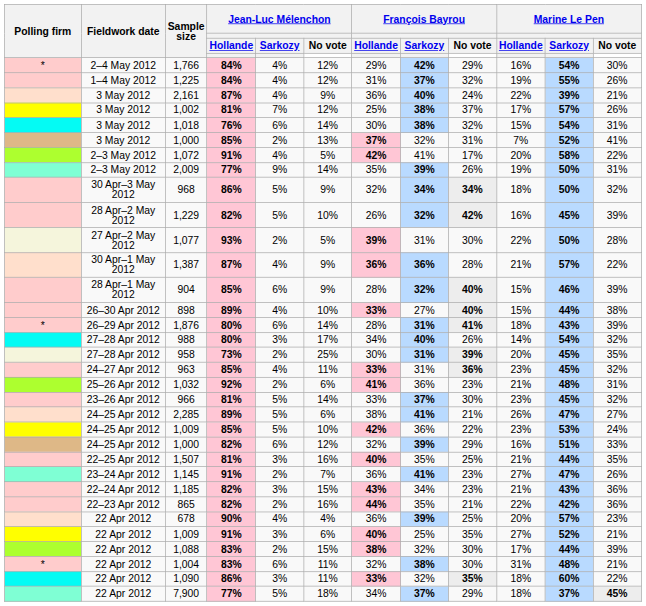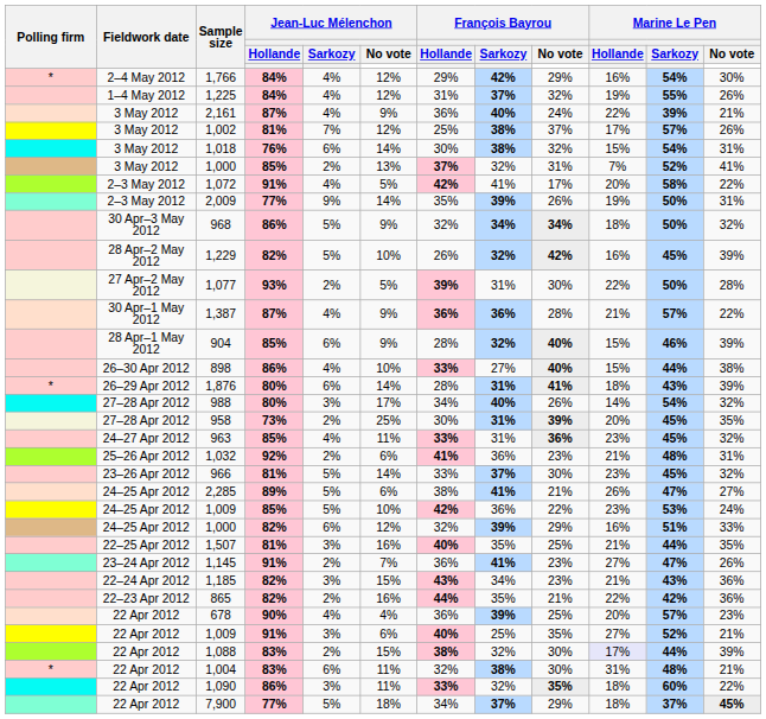 <table class="wikitable sortable" style="text-align:center;font-size:90%;line-height:14px;">
 <tr style="height:40px;">
 <th style="width:100px;" rowspan="4">Polling firm</th>
 <th style="width:110px;" rowspan="4">Fieldwork date</th>
 <th style="width:35px;" rowspan="4">Sample<br>size</th>
 <th colspan="3" style="width:180px;"><a href='#'>Jean-Luc Mélenchon</a><br></th>
 <th colspan="3" style="width:180px;"><a href='#'>François Bayrou</a><br></th>
 <th colspan="3" style="width:180px;"><a href='#'>Marine Le Pen</a><br></th>
 </tr>
 <tr>
 <th colspan="3" style="background:"></th>
 <th colspan="3" style="background:"></th>
 <th colspan="3" style="background:"></th>
 </tr>
 <tr>
 <th style="width:60px;"><a href='#'>Hollande</a></th>
 <th style="width:60px;"><a href='#'>Sarkozy</a></th>
 <th style="width:60px;">No vote</th>
 <th style="width:60px;"><a href='#'>Hollande</a></th>
 <th style="width:60px;"><a href='#'>Sarkozy</a></th>
 <th style="width:60px;">No vote</th>
 <th style="width:60px;"><a href='#'>Hollande</a></th>
 <th style="width:60px;"><a href='#'>Sarkozy</a></th>
 <th style="width:60px;">No vote</th>
 </tr>
 <tr>
 <th style="background:"></th>
 <th style="background:"></th>
 <th style="background:#FFFFFF;"></th>
 <th style="background:"></th>
 <th style="background:"></th>
 <th style="background:#FFFFFF;"></th>
 <th style="background:"></th>
 <th style="background:"></th>
 <th style="background:#FFFFFF;"></th>
 </tr>
 <tr>
 <td style="background:#FFCCCC;"> *</td>
 <td data-sort-value="2012-05-04">2–4 May 2012</td>
 <td>1,766</td>
 <td style="background:#FFC6D5;"><strong>84%</strong></td>
 <td>4%</td>
 <td>12%</td>
 <td>29%</td>
 <td style="background:#B9DAFF;"><strong>42%</strong></td>
 <td>29%</td>
 <td>16%</td>
 <td style="background:#B9DAFF;"><strong>54%</strong></td>
 <td>30%</td>
 </tr>
 <tr>
 <td style="background:#FFCCCC;"></td>
 <td data-sort-value="2012-05-04">1–4 May 2012</td>
 <td>1,225</td>
 <td style="background:#FFC6D5;"><strong>84%</strong></td>
 <td>4%</td>
 <td>12%</td>
 <td>31%</td>
 <td style="background:#B9DAFF;"><strong>37%</strong></td>
 <td>32%</td>
 <td>19%</td>
 <td style="background:#B9DAFF;"><strong>55%</strong></td>
 <td>26%</td>
 </tr>
 <tr>
 <td style="background:#FFDFCC;"> </td>
 <td data-sort-value="2012-05-03">3 May 2012</td>
 <td>2,161</td>
 <td style="background:#FFC6D5;"><strong>87%</strong></td>
 <td>4%</td>
 <td>9%</td>
 <td>36%</td>
 <td style="background:#B9DAFF;"><strong>40%</strong></td>
 <td>24%</td>
 <td>22%</td>
 <td style="background:#B9DAFF;"><strong>39%</strong></td>
 <td>21%</td>
 </tr>
 <tr>
 <td style="background:yellow;"></td>
 <td data-sort-value="2012-05-03">3 May 2012</td>
 <td>1,002</td>
 <td style="background:#FFC6D5;"><strong>81%</strong></td>
 <td>7%</td>
 <td>12%</td>
 <td>25%</td>
 <td style="background:#B9DAFF;"><strong>38%</strong></td>
 <td>37%</td>
 <td>17%</td>
 <td style="background:#B9DAFF;"><strong>57%</strong></td>
 <td>26%</td>
 </tr>
 <tr>
 <td style="background:#04FBF4;"></td>
 <td data-sort-value="2012-05-03">3 May 2012</td>
 <td>1,018</td>
 <td style="background:#FFC6D5;"><strong>76%</strong></td>
 <td>6%</td>
 <td>14%</td>
 <td>30%</td>
 <td style="background:#B9DAFF;"><strong>38%</strong></td>
 <td>32%</td>
 <td>15%</td>
 <td style="background:#B9DAFF;"><strong>54%</strong></td>
 <td>31%</td>
 </tr>
 <tr>
 <td style="background:burlywood;"> </td>
 <td data-sort-value="2012-05-03">3 May 2012</td>
 <td>1,000</td>
 <td style="background:#FFC6D5;"><strong>85%</strong></td>
 <td>2%</td>
 <td>13%</td>
 <td style="background:#FFC6D5;"><strong>37%</strong></td>
 <td>32%</td>
 <td>31%</td>
 <td>7%</td>
 <td style="background:#B9DAFF;"><strong>52%</strong></td>
 <td>41%</td>
 </tr>
 <tr>
 <td style="background:GreenYellow;"></td>
 <td data-sort-value="2012-05-03">2–3 May 2012</td>
 <td>1,072</td>
 <td style="background:#FFC6D5;"><strong>91%</strong></td>
 <td>4%</td>
 <td>5%</td>
 <td style="background:#FFC6D5;"><strong>42%</strong></td>
 <td>41%</td>
 <td>17%</td>
 <td>20%</td>
 <td style="background:#B9DAFF;"><strong>58%</strong></td>
 <td>22%</td>
 </tr>
 <tr>
 <td style="background:aquamarine;"></td>
 <td data-sort-value="2012-05-03">2–3 May 2012</td>
 <td>2,009</td>
 <td style="background:#FFC6D5;"><strong>77%</strong></td>
 <td>9%</td>
 <td>14%</td>
 <td>35%</td>
 <td style="background:#B9DAFF;"><strong>39%</strong></td>
 <td>26%</td>
 <td>19%</td>
 <td style="background:#B9DAFF;"><strong>50%</strong></td>
 <td>31%</td>
 </tr>
 <tr>
 <td style="background:#FFCCCC;"></td>
 <td data-sort-value="2012-05-03">30 Apr–3 May 2012</td>
 <td>968</td>
 <td style="background:#FFC6D5;"><strong>86%</strong></td>
 <td>5%</td>
 <td>9%</td>
 <td>32%</td>
 <td style="background:#B9DAFF;"><strong>34%</strong></td>
 <td style="background:#EDEDED;"><strong>34%</strong></td>
 <td>18%</td>
 <td style="background:#B9DAFF;"><strong>50%</strong></td>
 <td>32%</td>
 </tr>
 <tr>
 <td style="background:#FFCCCC;"></td>
 <td data-sort-value="2012-05-02">28 Apr–2 May 2012</td>
 <td>1,229</td>
 <td style="background:#FFC6D5;"><strong>82%</strong></td>
 <td>5%</td>
 <td>10%</td>
 <td>26%</td>
 <td style="background:#B9DAFF;"><strong>32%</strong></td>
 <td style="background:#EDEDED;"><strong>42%</strong></td>
 <td>16%</td>
 <td style="background:#B9DAFF;"><strong>45%</strong></td>
 <td>39%</td>
 </tr>
 <tr>
 <td style="background:beige;"></td>
 <td data-sort-value="2012-05-02">27 Apr–2 May 2012</td>
 <td>1,077</td>
 <td style="background:#FFC6D5;"><strong>93%</strong></td>
 <td>2%</td>
 <td>5%</td>
 <td style="background:#FFC6D5;"><strong>39%</strong></td>
 <td>31%</td>
 <td>30%</td>
 <td>22%</td>
 <td style="background:#B9DAFF;"><strong>50%</strong></td>
 <td>28%</td>
 </tr>
 <tr>
 <td style="background:#FFDFCC;"> </td>
 <td data-sort-value="2012-05-01">30 Apr–1 May 2012</td>
 <td>1,387</td>
 <td style="background:#FFC6D5;"><strong>87%</strong></td>
 <td>4%</td>
 <td>9%</td>
 <td style="background:#FFC6D5;"><strong>36%</strong></td>
 <td style="background:#B9DAFF;"><strong>36%</strong></td>
 <td>28%</td>
 <td>21%</td>
 <td style="background:#B9DAFF;"><strong>57%</strong></td>
 <td>22%</td>
 </tr>
 <tr>
 <td style="background:#FFCCCC;"></td>
 <td data-sort-value="2012-05-01">28 Apr–1 May 2012</td>
 <td>904</td>
 <td style="background:#FFC6D5;"><strong>85%</strong></td>
 <td>6%</td>
 <td>9%</td>
 <td>28%</td>
 <td style="background:#B9DAFF;"><strong>32%</strong></td>
 <td style="background:#EDEDED;"><strong>40%</strong></td>
 <td>15%</td>
 <td style="background:#B9DAFF;"><strong>46%</strong></td>
 <td>39%</td>
 </tr>
 <tr>
 <td style="background:#FFCCCC;"></td>
 <td data-sort-value="2012-04-30">26–30 Apr 2012</td>
 <td>898</td>
-<td style="background:#FFC6D5;"><strong>89%</strong></td>
+<td style="background:#FFC6D5;"><strong>86%</strong></td>
 <td>4%</td>
 <td>10%</td>
 <td style="background:#FFC6D5;"><strong>33%</strong></td>
 <td>27%</td>
 <td style="background:#EDEDED;"><strong>40%</strong></td>
 <td>15%</td>
 <td style="background:#B9DAFF;"><strong>44%</strong></td>
 <td>38%</td>
 </tr>
 <tr>
 <td style="background:#FFCCCC;">*</td>
 <td data-sort-value="2012-04-29">26–29 Apr 2012</td>
 <td>1,876</td>
 <td style="background:#FFC6D5;"><strong>80%</strong></td>
 <td>6%</td>
 <td>14%</td>
 <td>28%</td>
 <td style="background:#B9DAFF;"><strong>31%</strong></td>
 <td style="background:#EDEDED;"><strong>41%</strong></td>
 <td>18%</td>
 <td style="background:#B9DAFF;"><strong>43%</strong></td>
 <td>39%</td>
 </tr>
 <tr>
 <td style="background:#04FBF4;"></td>
 <td data-sort-value="2012-04-28">27–28 Apr 2012</td>
 <td>988</td>
 <td style="background:#FFC6D5;"><strong>80%</strong></td>
 <td>3%</td>
 <td>17%</td>
 <td>34%</td>
 <td style="background:#B9DAFF;"><strong>40%</strong></td>
 <td>26%</td>
 <td>14%</td>
 <td style="background:#B9DAFF;"><strong>54%</strong></td>
 <td>32%</td>
 </tr>
 <tr>
 <td style="background:beige;"></td>
 <td data-sort-value="2012-04-28">27–28 Apr 2012</td>
 <td>958</td>
 <td style="background:#FFC6D5;"><strong>73%</strong></td>
 <td>2%</td>
 <td>25%</td>
 <td>30%</td>
 <td style="background:#B9DAFF;"><strong>31%</strong></td>
 <td style="background:#EDEDED;"><strong>39%</strong></td>
 <td>20%</td>
 <td style="background:#B9DAFF;"><strong>45%</strong></td>
 <td>35%</td>
 </tr>
 <tr>
 <td style="background:#FFCCCC;"></td>
 <td data-sort-value="2012-04-27">24–27 Apr 2012</td>
 <td>963</td>
 <td style="background:#FFC6D5;"><strong>85%</strong></td>
 <td>4%</td>
 <td>11%</td>
 <td style="background:#FFC6D5;"><strong>33%</strong></td>
 <td>31%</td>
 <td style="background:#EDEDED;"><strong>36%</strong></td>
 <td>23%</td>
 <td style="background:#B9DAFF;"><strong>45%</strong></td>
 <td>32%</td>
 </tr>
 <tr>
 <td style="background:GreenYellow;"></td>
 <td data-sort-value="2012-04-26">25–26 Apr 2012</td>
 <td>1,032</td>
 <td style="background:#FFC6D5;"><strong>92%</strong></td>
 <td>2%</td>
 <td>6%</td>
 <td style="background:#FFC6D5;"><strong>41%</strong></td>
 <td>36%</td>
 <td>23%</td>
 <td>21%</td>
 <td style="background:#B9DAFF;"><strong>48%</strong></td>
 <td>31%</td>
 </tr>
 <tr>
 <td style="background:#FFCCCC;"></td>
 <td data-sort-value="2012-04-26">23–26 Apr 2012</td>
 <td>966</td>
 <td style="background:#FFC6D5;"><strong>81%</strong></td>
 <td>5%</td>
 <td>14%</td>
 <td>33%</td>
 <td style="background:#B9DAFF;"><strong>37%</strong></td>
 <td>30%</td>
 <td>23%</td>
 <td style="background:#B9DAFF;"><strong>45%</strong></td>
 <td>32%</td>
 </tr>
 <tr>
 <td style="background:#FFDFCC;"> </td>
 <td data-sort-value="2012-04-25">24–25 Apr 2012</td>
 <td>2,285</td>
 <td style="background:#FFC6D5;"><strong>89%</strong></td>
 <td>5%</td>
 <td>6%</td>
 <td>38%</td>
 <td style="background:#B9DAFF;"><strong>41%</strong></td>
 <td>21%</td>
 <td>26%</td>
 <td style="background:#B9DAFF;"><strong>47%</strong></td>
 <td>27%</td>
 </tr>
 <tr>
 <td style="background:yellow;"></td>
 <td data-sort-value="2012-04-25">24–25 Apr 2012</td>
 <td>1,009</td>
 <td style="background:#FFC6D5;"><strong>85%</strong></td>
 <td>5%</td>
 <td>10%</td>
 <td style="background:#FFC6D5;"><strong>42%</strong></td>
 <td>36%</td>
 <td>22%</td>
 <td>23%</td>
 <td style="background:#B9DAFF;"><strong>53%</strong></td>
 <td>24%</td>
 </tr>
 <tr>
 <td style="background:burlywood;"> </td>
 <td data-sort-value="2012-04-25">24–25 Apr 2012</td>
 <td>1,000</td>
 <td style="background:#FFC6D5;"><strong>82%</strong></td>
 <td>6%</td>
 <td>12%</td>
 <td>32%</td>
 <td style="background:#B9DAFF;"><strong>39%</strong></td>
 <td>29%</td>
 <td>16%</td>
 <td style="background:#B9DAFF;"><strong>51%</strong></td>
 <td>33%</td>
 </tr>
 <tr>
 <td style="background:#FFCCCC;"></td>
 <td data-sort-value="2012-04-25">22–25 Apr 2012</td>
 <td>1,507</td>
 <td style="background:#FFC6D5;"><strong>81%</strong></td>
 <td>3%</td>
 <td>16%</td>
 <td style="background:#FFC6D5;"><strong>40%</strong></td>
 <td>35%</td>
 <td>25%</td>
 <td>21%</td>
 <td style="background:#B9DAFF;"><strong>44%</strong></td>
 <td>35%</td>
 </tr>
 <tr>
 <td style="background:aquamarine;"> </td>
 <td data-sort-value="2012-04-24">23–24 Apr 2012</td>
 <td>1,145</td>
 <td style="background:#FFC6D5;"><strong>91%</strong></td>
 <td>2%</td>
 <td>7%</td>
 <td>36%</td>
 <td style="background:#B9DAFF;"><strong>41%</strong></td>
 <td>23%</td>
 <td>27%</td>
 <td style="background:#B9DAFF;"><strong>47%</strong></td>
 <td>26%</td>
 </tr>
 <tr>
 <td style="background:#FFCCCC;"></td>
 <td data-sort-value="2012-04-24">22–24 Apr 2012</td>
 <td>1,185</td>
 <td style="background:#FFC6D5;"><strong>82%</strong></td>
 <td>3%</td>
 <td>15%</td>
 <td style="background:#FFC6D5;"><strong>43%</strong></td>
 <td>34%</td>
 <td>23%</td>
 <td>21%</td>
 <td style="background:#B9DAFF;"><strong>43%</strong></td>
 <td>36%</td>
 </tr>
 <tr>
 <td style="background:#FFCCCC;"></td>
 <td data-sort-value="2012-04-23">22–23 Apr 2012</td>
 <td>865</td>
 <td style="background:#FFC6D5;"><strong>82%</strong></td>
 <td>2%</td>
 <td>16%</td>
 <td style="background:#FFC6D5;"><strong>44%</strong></td>
 <td>35%</td>
 <td>21%</td>
 <td>22%</td>
 <td style="background:#B9DAFF;"><strong>42%</strong></td>
 <td>36%</td>
 </tr>
 <tr>
 <td style="background:#FFDFCC;"> </td>
 <td data-sort-value="2012-04-22">22 Apr 2012</td>
 <td>678</td>
 <td style="background:#FFC6D5;"><strong>90%</strong></td>
 <td>4%</td>
 <td>4%</td>
 <td>36%</td>
 <td style="background:#B9DAFF;"><strong>39%</strong></td>
 <td>25%</td>
 <td>20%</td>
 <td style="background:#B9DAFF;"><strong>57%</strong></td>
 <td>23%</td>
 </tr>
 <tr>
 <td style="background:yellow;"></td>
 <td data-sort-value="2012-04-22">22 Apr 2012</td>
 <td>1,009</td>
 <td style="background:#FFC6D5;"><strong>91%</strong></td>
 <td>3%</td>
 <td>6%</td>
 <td style="background:#FFC6D5;"><strong>40%</strong></td>
 <td>25%</td>
 <td>35%</td>
 <td>27%</td>
 <td style="background:#B9DAFF;"><strong>52%</strong></td>
 <td>21%</td>
 </tr>
 <tr>
 <td style="background:GreenYellow;"></td>
 <td data-sort-value="2012-04-22">22 Apr 2012</td>
 <td>1,088</td>
 <td style="background:#FFC6D5;"><strong>83%</strong></td>
 <td>2%</td>
 <td>15%</td>
 <td style="background:#FFC6D5;"><strong>38%</strong></td>
 <td>32%</td>
 <td>30%</td>
-<td>17%</td>
+<td style="background: lavender;">17%</td>
 <td style="background:#B9DAFF;"><strong>44%</strong></td>
 <td>39%</td>
 </tr>
 <tr>
 <td style="background:#FFCCCC;">*</td>
 <td data-sort-value="2012-04-22">22 Apr 2012</td>
 <td>1,004</td>
 <td style="background:#FFC6D5;"><strong>83%</strong></td>
 <td>6%</td>
 <td>11%</td>
 <td>32%</td>
 <td style="background:#B9DAFF;"><strong>38%</strong></td>
 <td>30%</td>
 <td>31%</td>
 <td style="background:#B9DAFF;"><strong>48%</strong></td>
 <td>21%</td>
 </tr>
 <tr>
 <td style="background:#04FBF4;"></td>
 <td data-sort-value="2012-04-22">22 Apr 2012</td>
 <td>1,090</td>
 <td style="background:#FFC6D5;"><strong>86%</strong></td>
 <td>3%</td>
 <td>11%</td>
 <td style="background:#FFC6D5;"><strong>33%</strong></td>
 <td>32%</td>
 <td style="background:#EDEDED;"><strong>35%</strong></td>
 <td>18%</td>
 <td style="background:#B9DAFF;"><strong>60%</strong></td>
 <td>22%</td>
 </tr>
 <tr>
 <td style="background:aquamarine;"></td>
 <td data-sort-value="2012-04-22">22 Apr 2012</td>
 <td>7,900</td>
 <td style="background:#FFC6D5;"><strong>77%</strong></td>
 <td>5%</td>
 <td>18%</td>
 <td>34%</td>
 <td style="background:#B9DAFF;"><strong>37%</strong></td>
 <td>29%</td>
 <td>18%</td>
 <td style="background:#B9DAFF;"><strong>37%</strong></td>
 <td style="background:#EDEDED;"><strong>45%</strong></td>
 </tr>
 </table>
